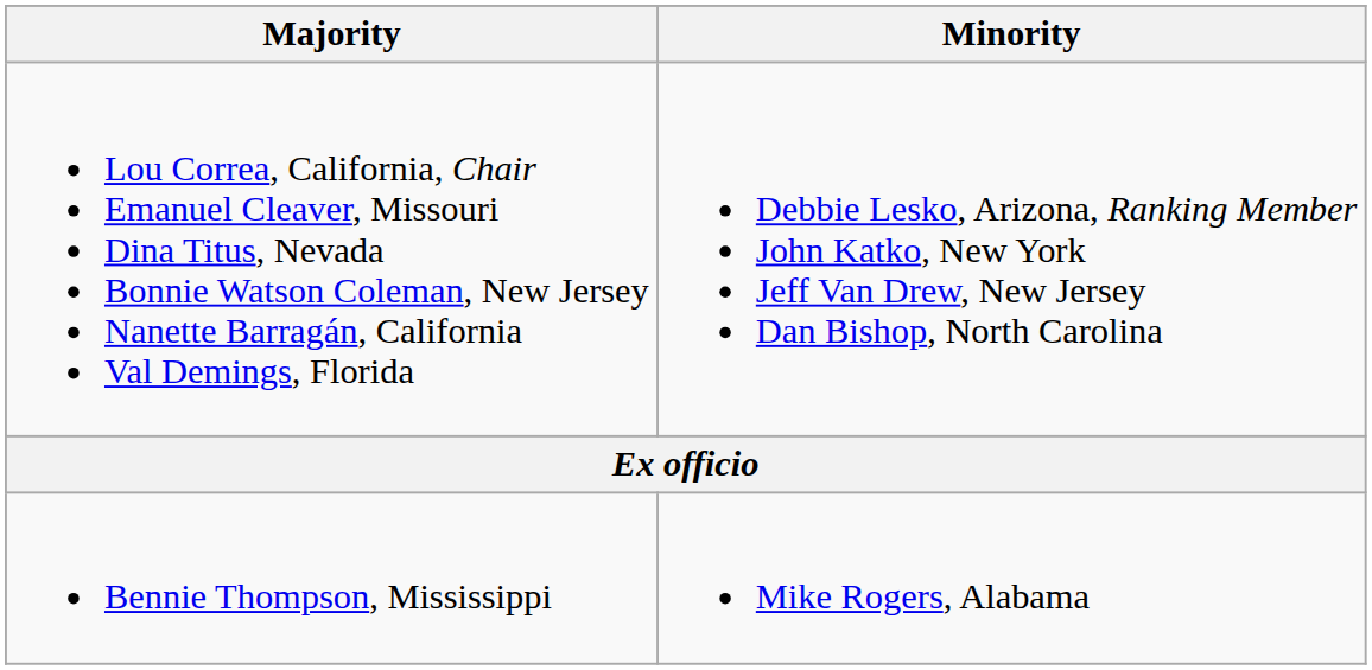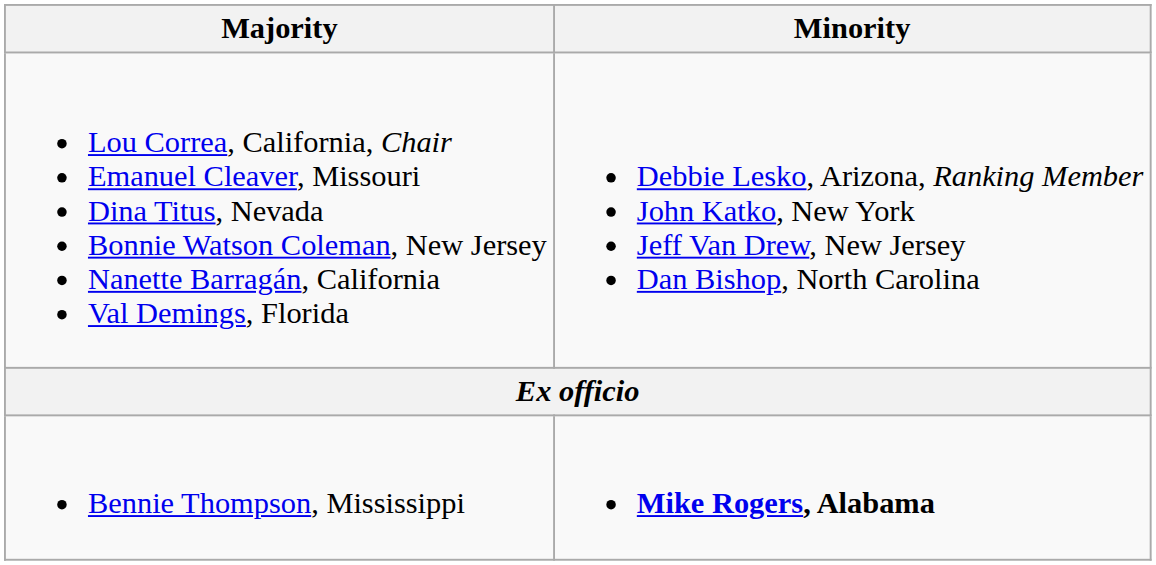 <table class=wikitable>
 <tr>
 <th>Majority</th>
 <th>Minority</th>
 </tr>
 <tr>
 <td><br><ul><li><a href='#'>Lou Correa</a>, California, <em>Chair</em></li><li><a href='#'>Emanuel Cleaver</a>, Missouri</li><li><a href='#'>Dina Titus</a>, Nevada</li><li><a href='#'>Bonnie Watson Coleman</a>, New Jersey</li><li><a href='#'>Nanette Barragán</a>, California</li><li><a href='#'>Val Demings</a>, Florida</li></ul></td>
 <td><br><ul><li><a href='#'>Debbie Lesko</a>, Arizona, <em>Ranking Member</em></li><li><a href='#'>John Katko</a>, New York</li><li><a href='#'>Jeff Van Drew</a>, New Jersey</li><li><a href='#'>Dan Bishop</a>, North Carolina</li></ul></td>
 </tr>
 <tr>
 <th colspan=2><em>Ex officio</em></th>
 </tr>
 <tr>
 <td><br><ul><li><a href='#'>Bennie Thompson</a>, Mississippi</li></ul></td>
-<td><br><ul><li><a href='#'>Mike Rogers</a>, Alabama</li></ul></td>
+<td><strong><br><ul><li><a href='#'>Mike Rogers</a>, Alabama</li></ul></strong></td>
 </tr>
 </table>
